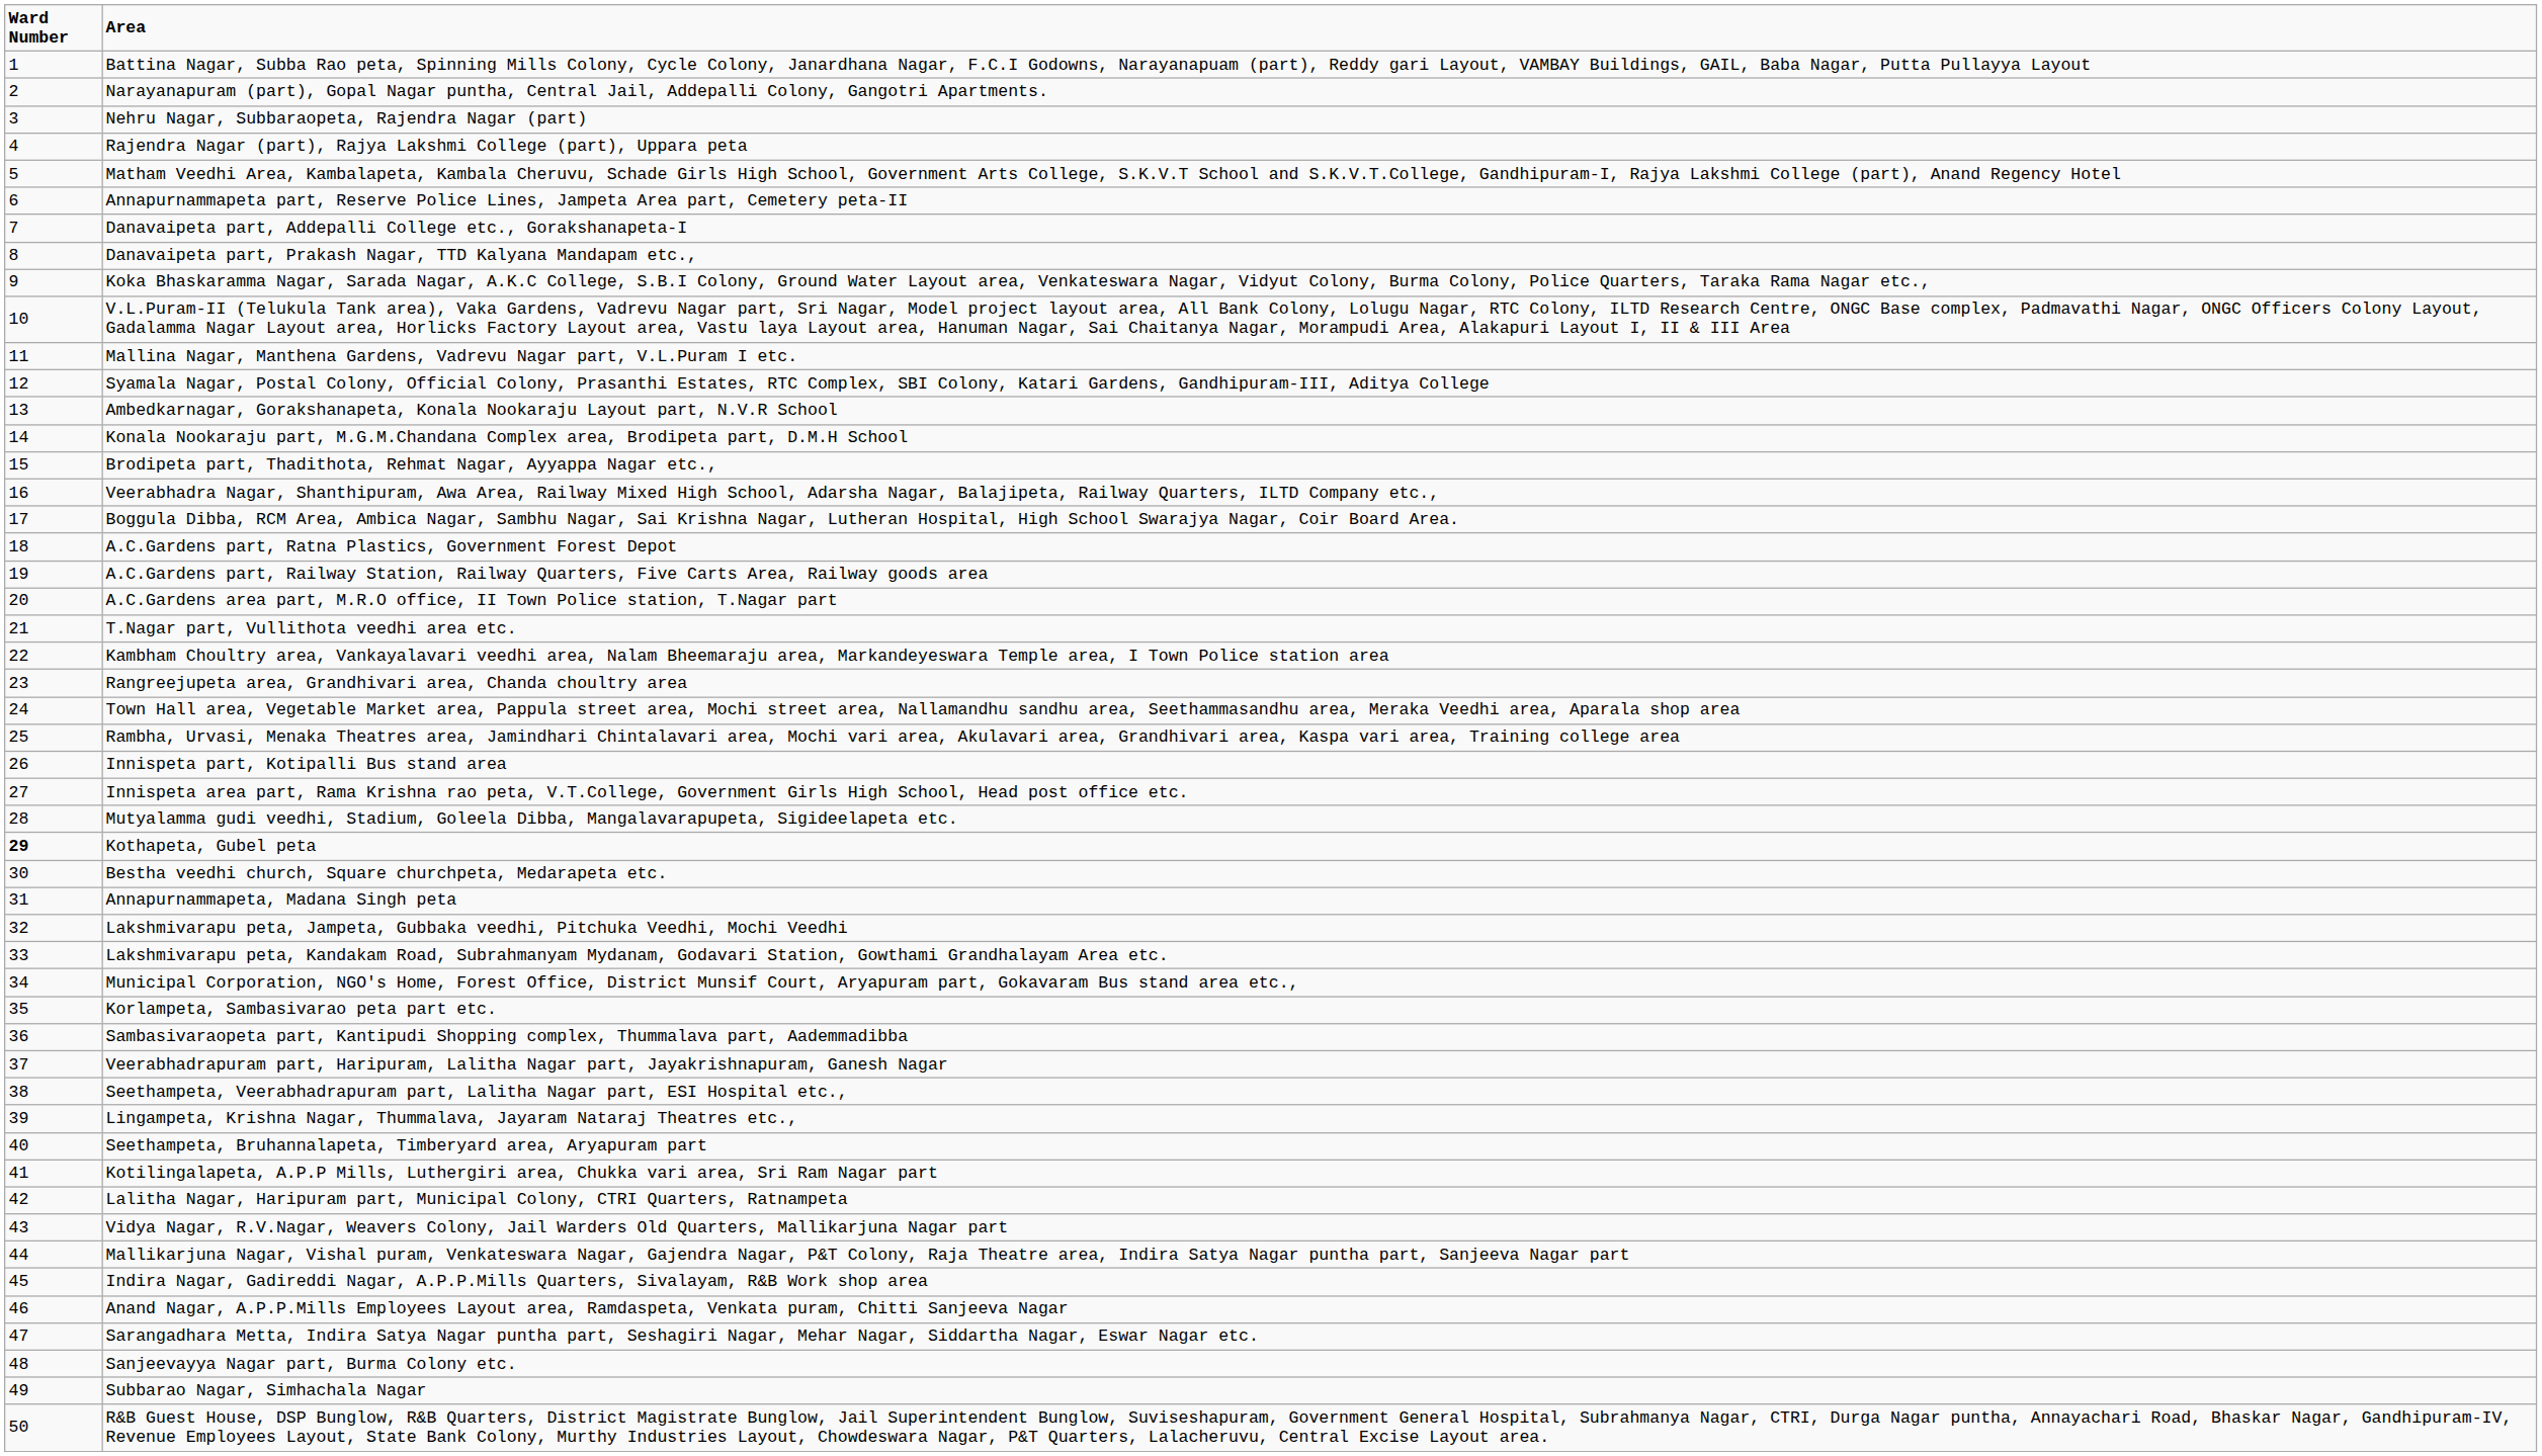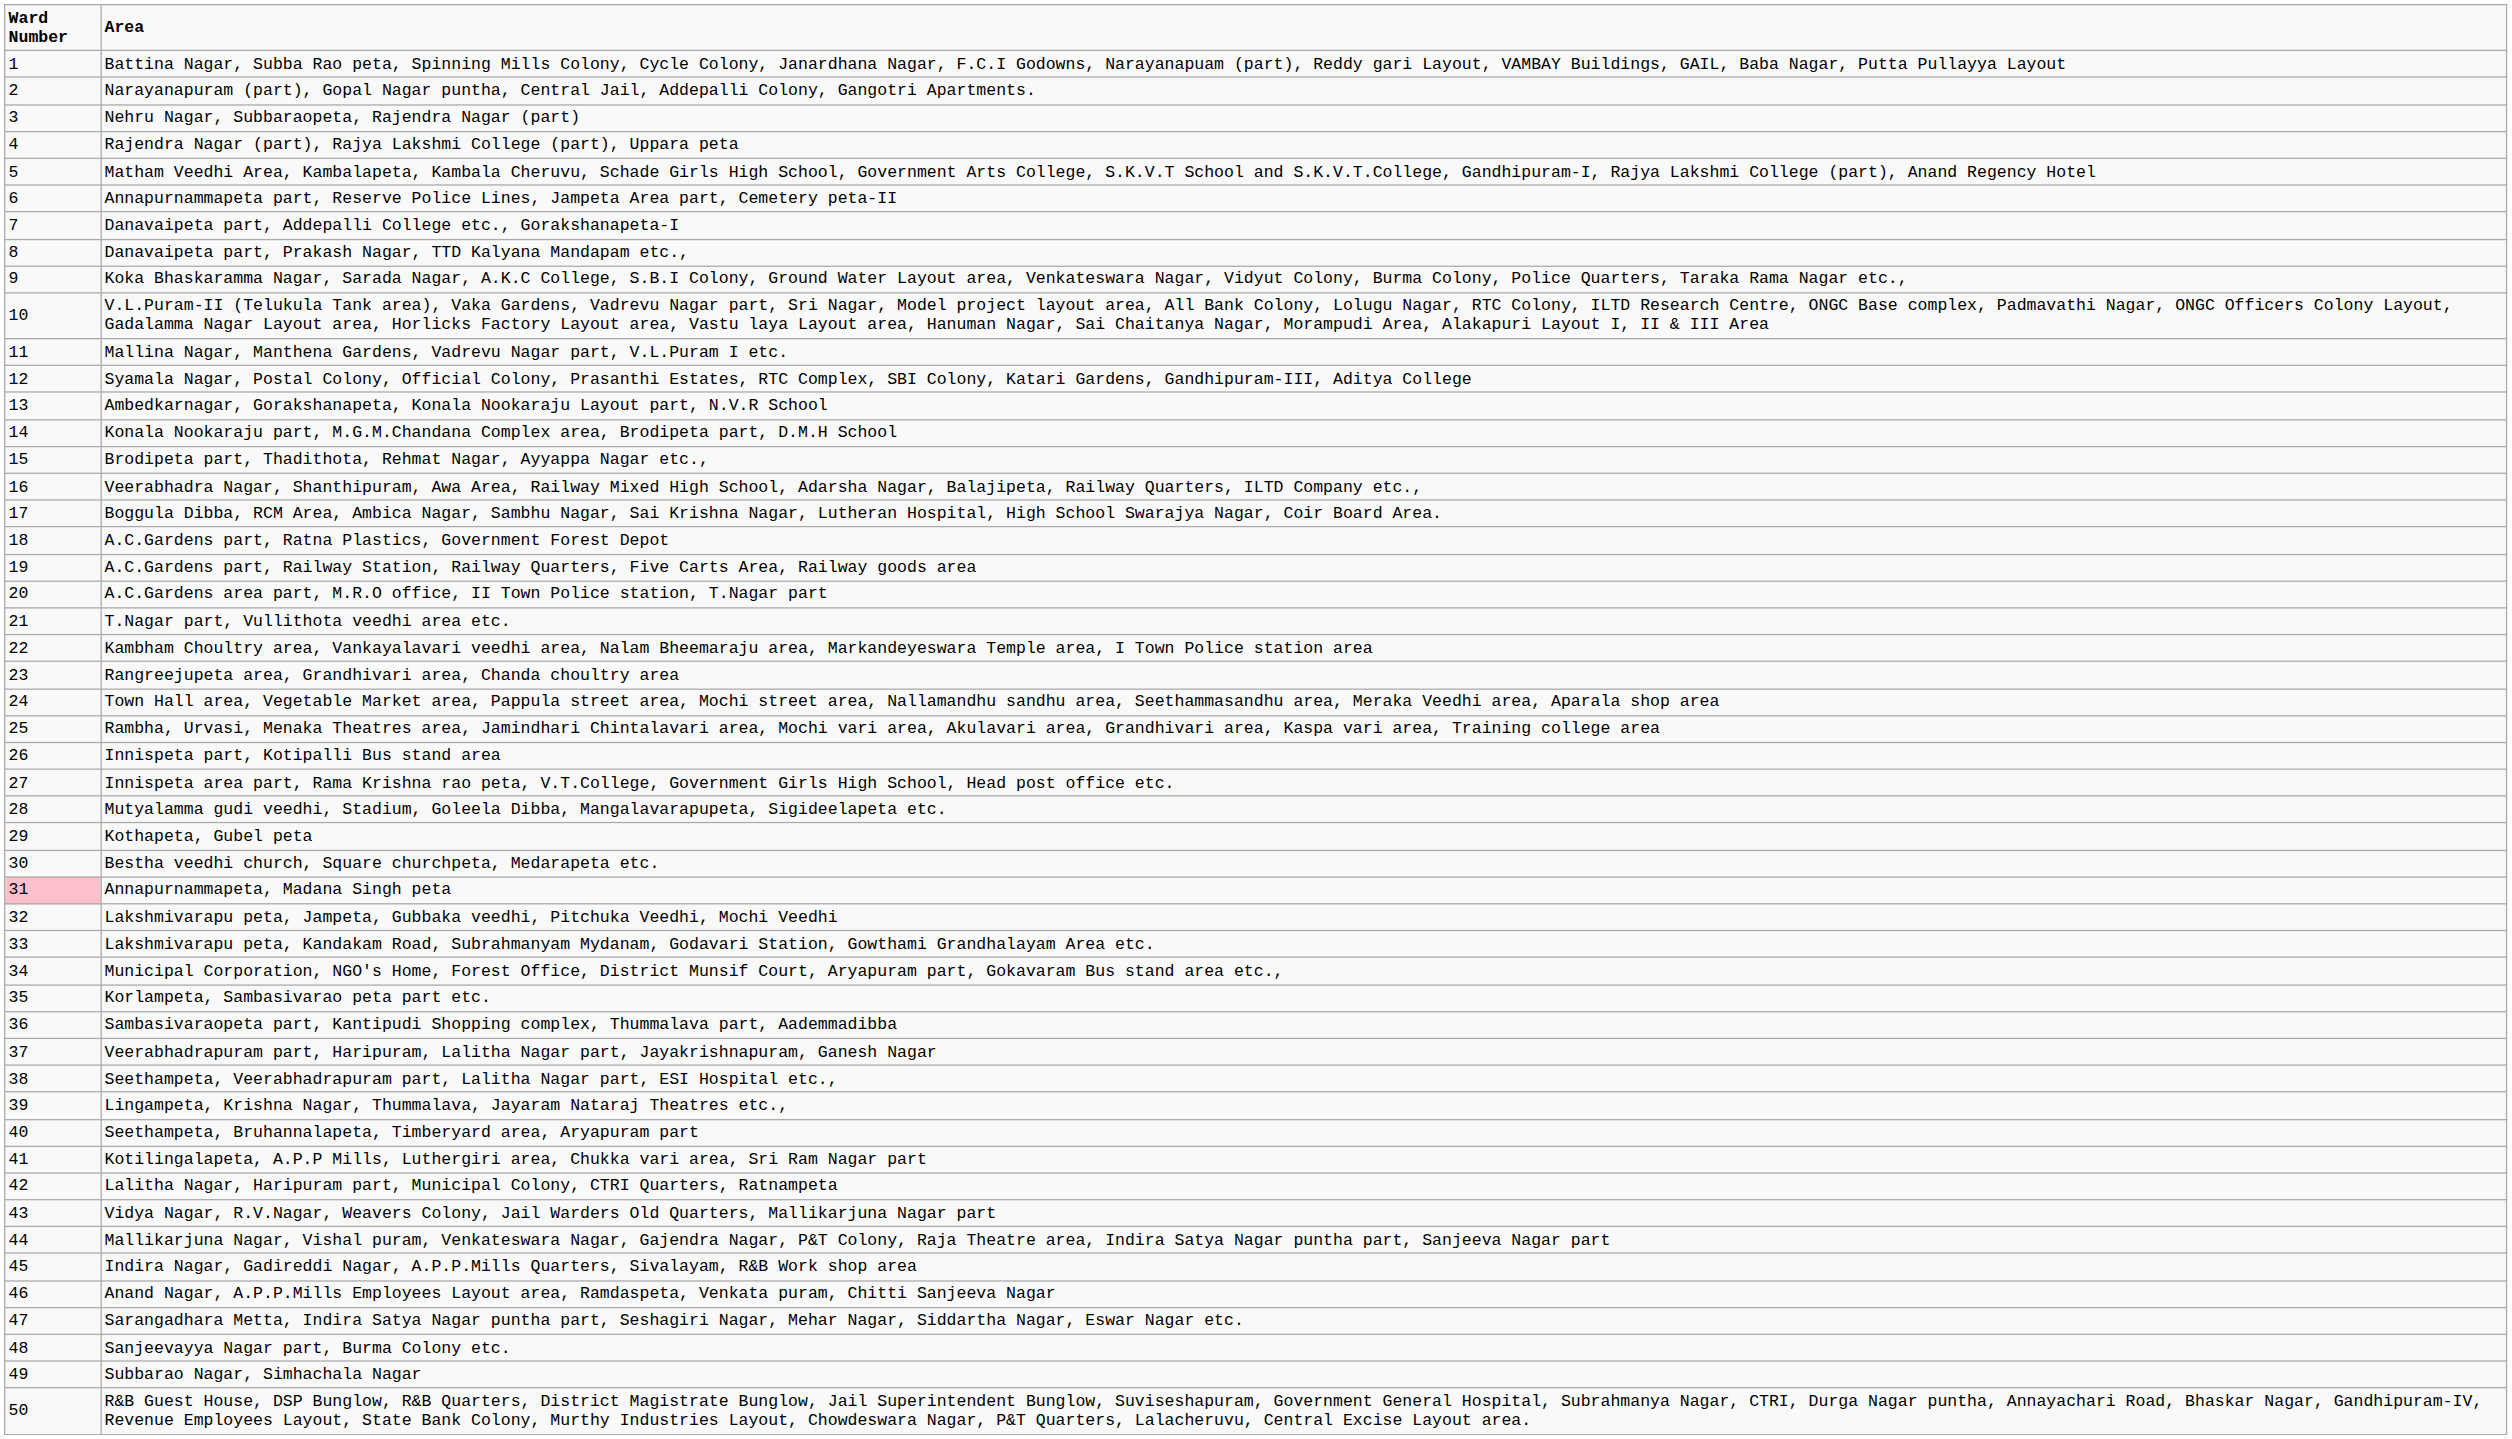 <table class="wikitable sortable">
 <tr>
 <td><strong>Ward Number</strong></td>
 <td><strong>Area</strong></td>
 </tr>
 <tr>
 <td>1</td>
 <td>Battina Nagar, Subba Rao peta, Spinning Mills Colony, Cycle Colony, Janardhana Nagar, F.C.I Godowns, Narayanapuam (part), Reddy gari Layout, VAMBAY Buildings, GAIL, Baba Nagar, Putta Pullayya Layout</td>
 </tr>
 <tr>
 <td>2</td>
 <td>Narayanapuram (part), Gopal Nagar puntha, Central Jail, Addepalli Colony, Gangotri Apartments.</td>
 </tr>
 <tr>
 <td>3</td>
 <td>Nehru Nagar, Subbaraopeta, Rajendra Nagar (part)</td>
 </tr>
 <tr>
 <td>4</td>
 <td>Rajendra Nagar (part), Rajya Lakshmi College (part), Uppara peta</td>
 </tr>
 <tr>
 <td>5</td>
 <td>Matham Veedhi Area, Kambalapeta, Kambala Cheruvu, Schade Girls High School, Government Arts College, S.K.V.T School and S.K.V.T.College, Gandhipuram-I, Rajya Lakshmi College (part), Anand Regency Hotel</td>
 </tr>
 <tr>
 <td>6</td>
 <td>Annapurnammapeta part, Reserve Police Lines, Jampeta Area part, Cemetery peta-II</td>
 </tr>
 <tr>
 <td>7</td>
 <td>Danavaipeta part, Addepalli College etc., Gorakshanapeta-I</td>
 </tr>
 <tr>
 <td>8</td>
 <td>Danavaipeta part, Prakash Nagar, TTD Kalyana Mandapam etc.,</td>
 </tr>
 <tr>
 <td>9</td>
 <td>Koka Bhaskaramma Nagar, Sarada Nagar, A.K.C College, S.B.I Colony, Ground Water Layout area, Venkateswara Nagar, Vidyut Colony, Burma Colony, Police Quarters, Taraka Rama Nagar etc.,</td>
 </tr>
 <tr>
 <td>10</td>
 <td>V.L.Puram-II (Telukula Tank area), Vaka Gardens, Vadrevu Nagar part, Sri Nagar, Model project layout area, All Bank Colony, Lolugu Nagar, RTC Colony, ILTD Research Centre, ONGC Base complex, Padmavathi Nagar, ONGC Officers Colony Layout, Gadalamma Nagar Layout area, Horlicks Factory Layout area, Vastu laya Layout area, Hanuman Nagar, Sai Chaitanya Nagar, Morampudi Area, Alakapuri Layout I, II & III Area</td>
 </tr>
 <tr>
 <td>11</td>
 <td>Mallina Nagar, Manthena Gardens, Vadrevu Nagar part, V.L.Puram I etc.</td>
 </tr>
 <tr>
 <td>12</td>
 <td>Syamala Nagar, Postal Colony, Official Colony, Prasanthi Estates, RTC Complex, SBI Colony, Katari Gardens, Gandhipuram-III, Aditya College</td>
 </tr>
 <tr>
 <td>13</td>
 <td>Ambedkarnagar, Gorakshanapeta, Konala Nookaraju Layout part, N.V.R School</td>
 </tr>
 <tr>
 <td>14</td>
 <td>Konala Nookaraju part, M.G.M.Chandana Complex area, Brodipeta part, D.M.H School</td>
 </tr>
 <tr>
 <td>15</td>
 <td>Brodipeta part, Thadithota, Rehmat Nagar, Ayyappa Nagar etc.,</td>
 </tr>
 <tr>
 <td>16</td>
 <td>Veerabhadra Nagar, Shanthipuram, Awa Area, Railway Mixed High School, Adarsha Nagar, Balajipeta, Railway Quarters, ILTD Company etc.,</td>
 </tr>
 <tr>
 <td>17</td>
 <td>Boggula Dibba, RCM Area, Ambica Nagar, Sambhu Nagar, Sai Krishna Nagar, Lutheran Hospital, High School Swarajya Nagar, Coir Board Area.</td>
 </tr>
 <tr>
 <td>18</td>
 <td>A.C.Gardens part, Ratna Plastics, Government Forest Depot</td>
 </tr>
 <tr>
 <td>19</td>
 <td>A.C.Gardens part, Railway Station, Railway Quarters, Five Carts Area, Railway goods area</td>
 </tr>
 <tr>
 <td>20</td>
 <td>A.C.Gardens area part, M.R.O office, II Town Police station, T.Nagar part</td>
 </tr>
 <tr>
 <td>21</td>
 <td>T.Nagar part, Vullithota veedhi area etc.</td>
 </tr>
 <tr>
 <td>22</td>
 <td>Kambham Choultry area, Vankayalavari veedhi area, Nalam Bheemaraju area, Markandeyeswara Temple area, I Town Police station area</td>
 </tr>
 <tr>
 <td>23</td>
 <td>Rangreejupeta area, Grandhivari area, Chanda choultry area</td>
 </tr>
 <tr>
 <td>24</td>
 <td>Town Hall area, Vegetable Market area, Pappula street area, Mochi street area, Nallamandhu sandhu area, Seethammasandhu area, Meraka Veedhi area, Aparala shop area</td>
 </tr>
 <tr>
 <td>25</td>
 <td>Rambha, Urvasi, Menaka Theatres area, Jamindhari Chintalavari area, Mochi vari area, Akulavari area, Grandhivari area, Kaspa vari area, Training college area</td>
 </tr>
 <tr>
 <td>26</td>
 <td>Innispeta part, Kotipalli Bus stand area</td>
 </tr>
 <tr>
 <td>27</td>
 <td>Innispeta area part, Rama Krishna rao peta, V.T.College, Government Girls High School, Head post office etc.</td>
 </tr>
 <tr>
 <td>28</td>
 <td>Mutyalamma gudi veedhi, Stadium, Goleela Dibba, Mangalavarapupeta, Sigideelapeta etc.</td>
 </tr>
 <tr>
-<td><strong>29</strong></td>
+<td>29</td>
 <td>Kothapeta, Gubel peta</td>
 </tr>
 <tr>
 <td>30</td>
 <td>Bestha veedhi church, Square churchpeta, Medarapeta etc.</td>
 </tr>
 <tr>
-<td>31</td>
+<td style="background: pink;">31</td>
 <td>Annapurnammapeta, Madana Singh peta</td>
 </tr>
 <tr>
 <td>32</td>
 <td>Lakshmivarapu peta, Jampeta, Gubbaka veedhi, Pitchuka Veedhi, Mochi Veedhi</td>
 </tr>
 <tr>
 <td>33</td>
 <td>Lakshmivarapu peta, Kandakam Road, Subrahmanyam Mydanam, Godavari Station, Gowthami Grandhalayam Area etc.</td>
 </tr>
 <tr>
 <td>34</td>
 <td>Municipal Corporation, NGO's Home, Forest Office, District Munsif Court, Aryapuram part, Gokavaram Bus stand area etc.,</td>
 </tr>
 <tr>
 <td>35</td>
 <td>Korlampeta, Sambasivarao peta part etc.</td>
 </tr>
 <tr>
 <td>36</td>
 <td>Sambasivaraopeta part, Kantipudi Shopping complex, Thummalava part, Aademmadibba</td>
 </tr>
 <tr>
 <td>37</td>
 <td>Veerabhadrapuram part, Haripuram, Lalitha Nagar part, Jayakrishnapuram, Ganesh Nagar</td>
 </tr>
 <tr>
 <td>38</td>
 <td>Seethampeta, Veerabhadrapuram part, Lalitha Nagar part, ESI Hospital etc.,</td>
 </tr>
 <tr>
 <td>39</td>
 <td>Lingampeta, Krishna Nagar, Thummalava, Jayaram Nataraj Theatres etc.,</td>
 </tr>
 <tr>
 <td>40</td>
 <td>Seethampeta, Bruhannalapeta, Timberyard area, Aryapuram part</td>
 </tr>
 <tr>
 <td>41</td>
 <td>Kotilingalapeta, A.P.P Mills, Luthergiri area, Chukka vari area, Sri Ram Nagar part</td>
 </tr>
 <tr>
 <td>42</td>
 <td>Lalitha Nagar, Haripuram part, Municipal Colony, CTRI Quarters, Ratnampeta</td>
 </tr>
 <tr>
 <td>43</td>
 <td>Vidya Nagar, R.V.Nagar, Weavers Colony, Jail Warders Old Quarters, Mallikarjuna Nagar part</td>
 </tr>
 <tr>
 <td>44</td>
 <td>Mallikarjuna Nagar, Vishal puram, Venkateswara Nagar, Gajendra Nagar, P&T Colony, Raja Theatre area, Indira Satya Nagar puntha part, Sanjeeva Nagar part</td>
 </tr>
 <tr>
 <td>45</td>
 <td>Indira Nagar, Gadireddi Nagar, A.P.P.Mills Quarters, Sivalayam, R&B Work shop area</td>
 </tr>
 <tr>
 <td>46</td>
 <td>Anand Nagar, A.P.P.Mills Employees Layout area, Ramdaspeta, Venkata puram, Chitti Sanjeeva Nagar</td>
 </tr>
 <tr>
 <td>47</td>
 <td>Sarangadhara Metta, Indira Satya Nagar puntha part, Seshagiri Nagar, Mehar Nagar, Siddartha Nagar, Eswar Nagar etc.</td>
 </tr>
 <tr>
 <td>48</td>
 <td>Sanjeevayya Nagar part, Burma Colony etc.</td>
 </tr>
 <tr>
 <td>49</td>
 <td>Subbarao Nagar, Simhachala Nagar</td>
 </tr>
 <tr>
 <td>50</td>
 <td>R&B Guest House, DSP Bunglow, R&B Quarters, District Magistrate Bunglow, Jail Superintendent Bunglow, Suviseshapuram, Government General Hospital, Subrahmanya Nagar, CTRI, Durga Nagar puntha, Annayachari Road, Bhaskar Nagar, Gandhipuram-IV, Revenue Employees Layout, State Bank Colony, Murthy Industries Layout, Chowdeswara Nagar, P&T Quarters, Lalacheruvu, Central Excise Layout area.</td>
 </tr>
 </table>
